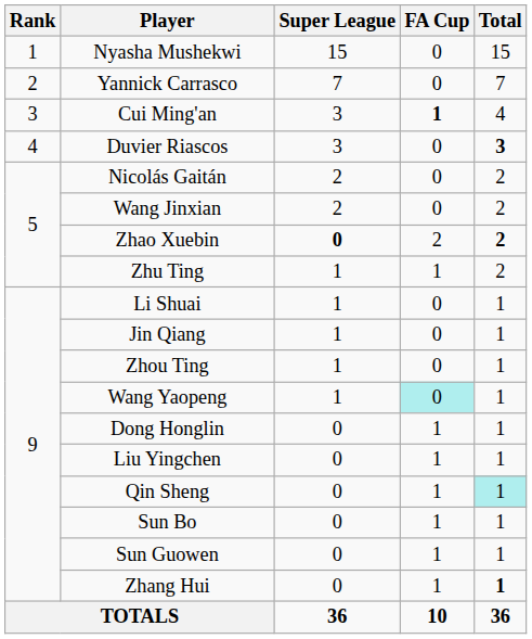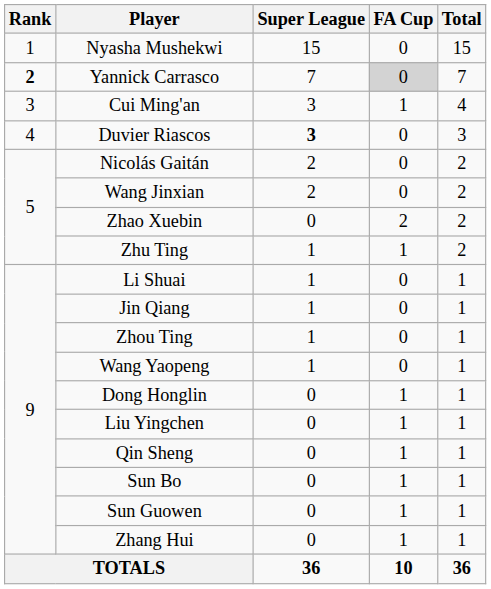 <table class="wikitable" style="text-align:center">
 <tr>
 <th>Rank</th>
 <th style="width:166px;">Player</th>
 <th>Super League</th>
 <th>FA Cup</th>
 <th>Total</th>
 </tr>
 <tr>
 <td>1</td>
 <td>Nyasha Mushekwi</td>
 <td>15</td>
 <td>0</td>
 <td>15</td>
 </tr>
 <tr>
-<td>2</td>
+<td><strong>2</strong></td>
 <td>Yannick Carrasco</td>
 <td>7</td>
-<td>0</td>
+<td style="background: lightgrey;">0</td>
 <td>7</td>
 </tr>
 <tr>
 <td>3</td>
 <td>Cui Ming'an</td>
 <td>3</td>
-<td><strong>1</strong></td>
+<td>1</td>
 <td>4</td>
 </tr>
 <tr>
 <td>4</td>
 <td>Duvier Riascos</td>
+<td><strong>3</strong></td>
+<td>0</td>
 <td>3</td>
-<td>0</td>
-<td><strong>3</strong></td>
 </tr>
 <tr>
 <td rowspan="4">5</td>
 <td>Nicolás Gaitán</td>
 <td>2</td>
 <td>0</td>
 <td>2</td>
 </tr>
 <tr>
 <td>Wang Jinxian</td>
 <td>2</td>
 <td>0</td>
 <td>2</td>
 </tr>
 <tr>
 <td>Zhao Xuebin</td>
-<td><strong>0</strong></td>
+<td>0</td>
 <td>2</td>
-<td><strong>2</strong></td>
+<td>2</td>
 </tr>
 <tr>
 <td>Zhu Ting</td>
 <td>1</td>
 <td>1</td>
 <td>2</td>
 </tr>
 <tr>
 <td rowspan="10">9</td>
 <td>Li Shuai</td>
 <td>1</td>
 <td>0</td>
 <td>1</td>
 </tr>
 <tr>
 <td>Jin Qiang</td>
 <td>1</td>
 <td>0</td>
 <td>1</td>
 </tr>
 <tr>
 <td>Zhou Ting</td>
 <td>1</td>
 <td>0</td>
 <td>1</td>
 </tr>
 <tr>
 <td>Wang Yaopeng</td>
 <td>1</td>
-<td style="background: paleturquoise;">0</td>
+<td>0</td>
 <td>1</td>
 </tr>
 <tr>
 <td>Dong Honglin</td>
 <td>0</td>
 <td>1</td>
 <td>1</td>
 </tr>
 <tr>
 <td>Liu Yingchen</td>
 <td>0</td>
 <td>1</td>
 <td>1</td>
 </tr>
 <tr>
 <td>Qin Sheng</td>
 <td>0</td>
 <td>1</td>
-<td style="background: paleturquoise;">1</td>
+<td>1</td>
 </tr>
 <tr>
 <td>Sun Bo</td>
 <td>0</td>
 <td>1</td>
 <td align="center">1</td>
 </tr>
 <tr>
 <td>Sun Guowen</td>
 <td>0</td>
 <td>1</td>
 <td>1</td>
 </tr>
 <tr>
 <td>Zhang Hui</td>
 <td>0</td>
 <td>1</td>
-<td><strong>1</strong></td>
+<td>1</td>
 </tr>
 <tr>
 <th colspan="2">TOTALS</th>
 <td><strong>36</strong></td>
 <td><strong>10</strong></td>
 <td><strong>36</strong></td>
 </tr>
 </table>
